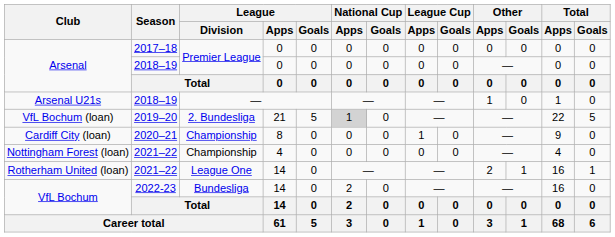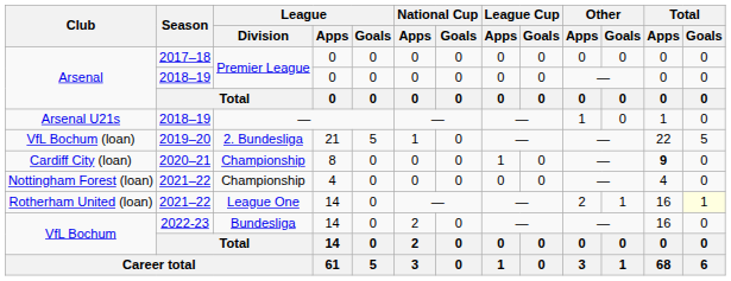 <table class="wikitable" style="text-align:center">
 <tr>
 <th rowspan="2">Club</th>
 <th rowspan="2">Season</th>
 <th colspan="3">League</th>
 <th colspan="2">National Cup</th>
 <th colspan="2">League Cup</th>
 <th colspan="2">Other</th>
 <th colspan="2">Total</th>
 </tr>
 <tr>
 <th>Division</th>
 <th>Apps</th>
 <th>Goals</th>
 <th>Apps</th>
 <th>Goals</th>
 <th>Apps</th>
 <th>Goals</th>
 <th>Apps</th>
 <th>Goals</th>
 <th>Apps</th>
 <th>Goals</th>
 </tr>
 <tr>
 <td rowspan="3"><a href='#'>Arsenal</a></td>
 <td><a href='#'>2017–18</a></td>
 <td rowspan="2"><a href='#'>Premier League</a></td>
 <td>0</td>
 <td>0</td>
 <td>0</td>
 <td>0</td>
 <td>0</td>
 <td>0</td>
 <td>0</td>
 <td>0</td>
 <td>0</td>
 <td>0</td>
 </tr>
 <tr>
 <td><a href='#'>2018–19</a></td>
 <td>0</td>
 <td>0</td>
 <td>0</td>
 <td>0</td>
 <td>0</td>
 <td>0</td>
 <td colspan="2">—</td>
 <td>0</td>
 <td>0</td>
 </tr>
 <tr>
 <th colspan="2">Total</th>
 <th>0</th>
 <th>0</th>
 <th>0</th>
 <th>0</th>
 <th>0</th>
 <th>0</th>
 <th>0</th>
 <th>0</th>
 <th>0</th>
 <th>0</th>
 </tr>
 <tr>
 <td><a href='#'>Arsenal U21s</a></td>
 <td><a href='#'>2018–19</a></td>
 <td colspan="3">—</td>
 <td colspan="2">—</td>
 <td colspan="2">—</td>
 <td>1</td>
 <td>0</td>
 <td>1</td>
 <td>0</td>
 </tr>
 <tr>
 <td><a href='#'>VfL Bochum</a> (loan)</td>
 <td><a href='#'>2019–20</a></td>
 <td><a href='#'>2. Bundesliga</a></td>
 <td>21</td>
 <td>5</td>
-<td style="background: lightgrey;">1</td>
+<td>1</td>
 <td>0</td>
 <td colspan="2">—</td>
 <td colspan="2">—</td>
 <td>22</td>
 <td>5</td>
 </tr>
 <tr>
 <td><a href='#'>Cardiff City</a> (loan)</td>
 <td><a href='#'>2020–21</a></td>
 <td><a href='#'>Championship</a></td>
 <td>8</td>
 <td>0</td>
 <td>0</td>
 <td>0</td>
 <td>1</td>
 <td>0</td>
 <td colspan="2">—</td>
-<td>9</td>
+<td><strong>9</strong></td>
 <td>0</td>
 </tr>
 <tr>
 <td><a href='#'>Nottingham Forest</a> (loan)</td>
 <td><a href='#'>2021–22</a></td>
 <td>Championship</td>
 <td>4</td>
 <td>0</td>
 <td>0</td>
 <td>0</td>
 <td>0</td>
 <td>0</td>
 <td colspan="2">—</td>
 <td>4</td>
 <td>0</td>
 </tr>
 <tr>
 <td><a href='#'>Rotherham United</a> (loan)</td>
 <td><a href='#'>2021–22</a></td>
 <td><a href='#'>League One</a></td>
 <td>14</td>
 <td>0</td>
 <td colspan="2">—</td>
 <td colspan="2">—</td>
 <td>2</td>
 <td>1</td>
 <td>16</td>
-<td>1</td>
+<td style="background: lightyellow;">1</td>
 </tr>
 <tr>
 <td rowspan="2"><a href='#'>VfL Bochum</a></td>
 <td><a href='#'>2022-23</a></td>
 <td><a href='#'>Bundesliga</a></td>
 <td>14</td>
 <td>0</td>
 <td>2</td>
 <td>0</td>
 <td colspan="2">—</td>
 <td colspan="2">—</td>
 <td>16</td>
 <td>0</td>
 </tr>
 <tr>
 <th colspan="2">Total</th>
 <th>14</th>
 <th>0</th>
 <th>2</th>
 <th>0</th>
 <th>0</th>
 <th>0</th>
 <th>0</th>
 <th>0</th>
 <th>0</th>
 <th>0</th>
 </tr>
 <tr>
 <th colspan="3">Career total</th>
 <th>61</th>
 <th>5</th>
 <th>3</th>
 <th>0</th>
 <th>1</th>
 <th>0</th>
 <th>3</th>
 <th>1</th>
 <th>68</th>
 <th>6</th>
 </tr>
 </table>
